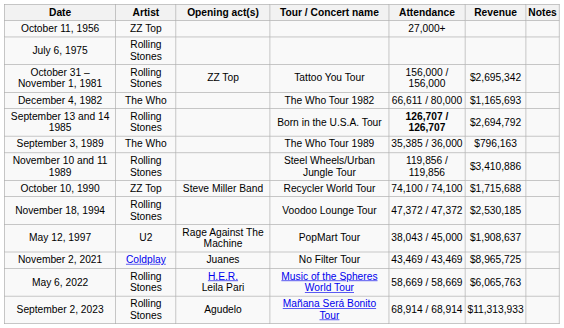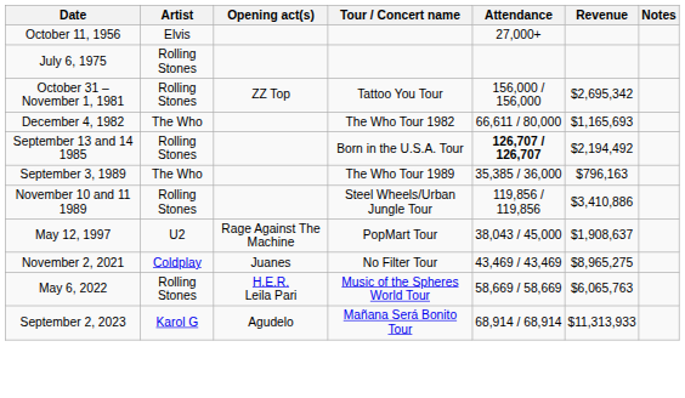 <table class="wikitable" style="text-align:center;">
 <tr>
 <th style="text-align:center;">Date</th>
 <th style="text-align:center;">Artist</th>
 <th style="text-align:center;">Opening act(s)</th>
 <th style="text-align:center;">Tour / Concert name</th>
 <th style="text-align:center;">Attendance</th>
 <th style="text-align:center;">Revenue</th>
 <th style="text-align:center;">Notes</th>
 </tr>
 <tr>
 <td>October 11, 1956</td>
-<td>ZZ Top</td>
+<td>Elvis</td>
 <td></td>
 <td></td>
 <td>27,000+</td>
 <td></td>
 <td></td>
 </tr>
 <tr>
 <td>July 6, 1975</td>
 <td>Rolling Stones</td>
 <td></td>
 <td></td>
 <td></td>
 <td></td>
 <td></td>
 </tr>
 <tr>
 <td>October 31 – November 1, 1981</td>
 <td>Rolling Stones</td>
 <td>ZZ Top</td>
 <td>Tattoo You Tour</td>
 <td>156,000 / 156,000</td>
 <td>$2,695,342</td>
 <td></td>
 </tr>
 <tr>
 <td>December 4, 1982</td>
 <td>The Who</td>
 <td></td>
 <td>The Who Tour 1982</td>
 <td>66,611 / 80,000</td>
 <td>$1,165,693</td>
 <td></td>
 </tr>
 <tr>
 <td>September 13 and 14 1985</td>
 <td>Rolling Stones</td>
 <td></td>
 <td>Born in the U.S.A. Tour</td>
 <td><strong>126,707 / 126,707</strong></td>
-<td>$2,694,792</td>
+<td>$2,194,492</td>
 <td></td>
 </tr>
 <tr>
 <td>September 3, 1989</td>
 <td>The Who</td>
 <td></td>
 <td>The Who Tour 1989</td>
 <td>35,385 / 36,000</td>
 <td>$796,163</td>
 <td></td>
 </tr>
 <tr>
 <td>November 10 and 11 1989</td>
 <td>Rolling Stones</td>
 <td></td>
 <td>Steel Wheels/Urban Jungle Tour</td>
 <td>119,856 / 119,856</td>
 <td>$3,410,886</td>
 <td></td>
 </tr>
 <tr>
-<td>October 10, 1990</td>
-<td>ZZ Top</td>
-<td>Steve Miller Band</td>
-<td>Recycler World Tour</td>
-<td>74,100 / 74,100</td>
-<td>$1,715,688</td>
-<td></td>
-</tr>
-<tr>
-<td>November 18, 1994</td>
-<td>Rolling Stones</td>
-<td></td>
-<td>Voodoo Lounge Tour</td>
-<td>47,372 / 47,372</td>
-<td>$2,530,185</td>
-<td></td>
-</tr>
-<tr>
 <td>May 12, 1997</td>
 <td>U2</td>
 <td>Rage Against The Machine</td>
 <td>PopMart Tour</td>
 <td>38,043 / 45,000</td>
 <td>$1,908,637</td>
 <td></td>
 </tr>
 <tr>
 <td>November 2, 2021</td>
 <td><a href='#'>Coldplay</a></td>
 <td>Juanes</td>
 <td>No Filter Tour</td>
 <td>43,469 / 43,469</td>
-<td>$8,965,725</td>
+<td>$8,965,275</td>
 <td></td>
 </tr>
 <tr>
 <td>May 6, 2022</td>
 <td>Rolling Stones</td>
 <td><a href='#'>H.E.R.</a><br>Leila Pari</td>
 <td><a href='#'>Music of the Spheres World Tour</a></td>
 <td>58,669 / 58,669</td>
 <td>$6,065,763</td>
 <td></td>
 </tr>
 <tr>
 <td>September 2, 2023</td>
-<td>Rolling Stones</td>
+<td><a href='#'>Karol G</a></td>
 <td>Agudelo</td>
 <td><a href='#'>Mañana Será Bonito Tour</a></td>
 <td>68,914 / 68,914</td>
 <td>$11,313,933</td>
 <td></td>
 </tr>
 </table>
